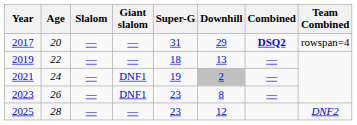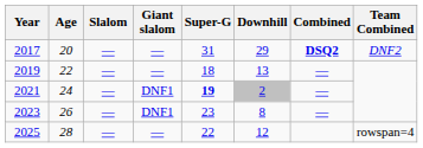 <table class=wikitable style="text-align:center">
 <tr>
 <th>  Year  </th>
 <th> Age </th>
 <th> Slalom </th>
 <th> Giant <br> slalom </th>
 <th>Super-G</th>
 <th>Downhill</th>
 <th>Combined</th>
 <th>Team<br>Combined</th>
 </tr>
 <tr>
 <td><a href='#'>2017</a></td>
 <td><em>20</em></td>
 <td><a href='#'>—</a></td>
 <td><a href='#'>—</a></td>
 <td><a href='#'>31</a></td>
 <td><a href='#'>29</a></td>
 <td><strong><a href='#'>DSQ2</a></strong></td>
-<td>rowspan=4</td>
+<td><a href='#'><em>DNF2</em></a></td>
 </tr>
 <tr>
 <td><a href='#'>2019</a></td>
 <td><em>22</em></td>
 <td><a href='#'>—</a></td>
 <td><a href='#'>—</a></td>
 <td><a href='#'>18</a></td>
 <td><a href='#'>13</a></td>
 <td><a href='#'>—</a></td>
 </tr>
 <tr>
 <td><a href='#'>2021</a></td>
 <td><em>24</em></td>
 <td><a href='#'>—</a></td>
 <td><a href='#'>DNF1</a></td>
-<td><a href='#'>19</a></td>
+<td><strong><a href='#'>19</a></strong></td>
 <td style="background:silver;"><a href='#'>2</a></td>
 <td><a href='#'>—</a></td>
 </tr>
 <tr>
 <td><a href='#'>2023</a></td>
 <td><em>26</em></td>
 <td><a href='#'>—</a></td>
 <td><a href='#'>DNF1</a></td>
 <td><a href='#'>23</a></td>
 <td><a href='#'>8</a></td>
 <td><a href='#'>—</a></td>
 </tr>
 <tr>
 <td><a href='#'>2025</a></td>
 <td><em>28</em></td>
 <td><a href='#'>—</a></td>
 <td><a href='#'>—</a></td>
-<td><a href='#'>23</a></td>
+<td><a href='#'>22</a></td>
 <td><a href='#'>12</a></td>
 <td></td>
-<td><a href='#'><em>DNF2</em></a></td>
+<td>rowspan=4</td>
 </tr>
 </table>
